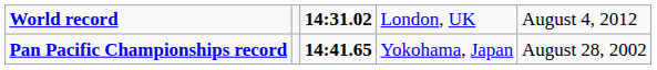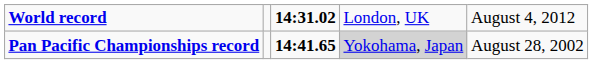 <table class="wikitable">
 <tr>
 <td><strong><a href='#'>World record</a></strong></td>
 <td></td>
 <td><strong>14:31.02</strong></td>
 <td><a href='#'>London</a>, <a href='#'>UK</a></td>
 <td>August 4, 2012</td>
 </tr>
 <tr>
 <td><strong><a href='#'>Pan Pacific Championships record</a></strong></td>
 <td></td>
 <td><strong>14:41.65</strong></td>
-<td><a href='#'>Yokohama</a>, <a href='#'>Japan</a></td>
+<td style="background: lightgrey;"><a href='#'>Yokohama</a>, <a href='#'>Japan</a></td>
 <td>August 28, 2002</td>
 </tr>
 </table>
